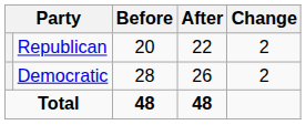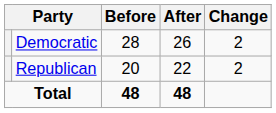 <table class="wikitable" style="text-align:center;">
 <tr>
 <th colspan="2">Party</th>
 <th>Before</th>
 <th>After</th>
 <th>Change</th>
 </tr>
 <tr>
 <th style="background-color:"></th>
-<td style="text-align:left;"><a href='#'>Republican</a></td>
-<td>20</td>
-<td>22</td>
+<td style="text-align:left;"><a href='#'>Democratic</a></td>
+<td>28</td>
+<td>26</td>
 <td> 2</td>
 </tr>
 <tr>
 <th style="background-color:"></th>
-<td style="text-align:left;"><a href='#'>Democratic</a></td>
-<td>28</td>
-<td>26</td>
+<td style="text-align:left;"><a href='#'>Republican</a></td>
+<td>20</td>
+<td>22</td>
 <td> 2</td>
 </tr>
 <tr>
 <td colspan="2"><strong>Total</strong></td>
 <td><strong>48</strong></td>
 <td><strong>48</strong></td>
 <td></td>
 </tr>
 </table>
